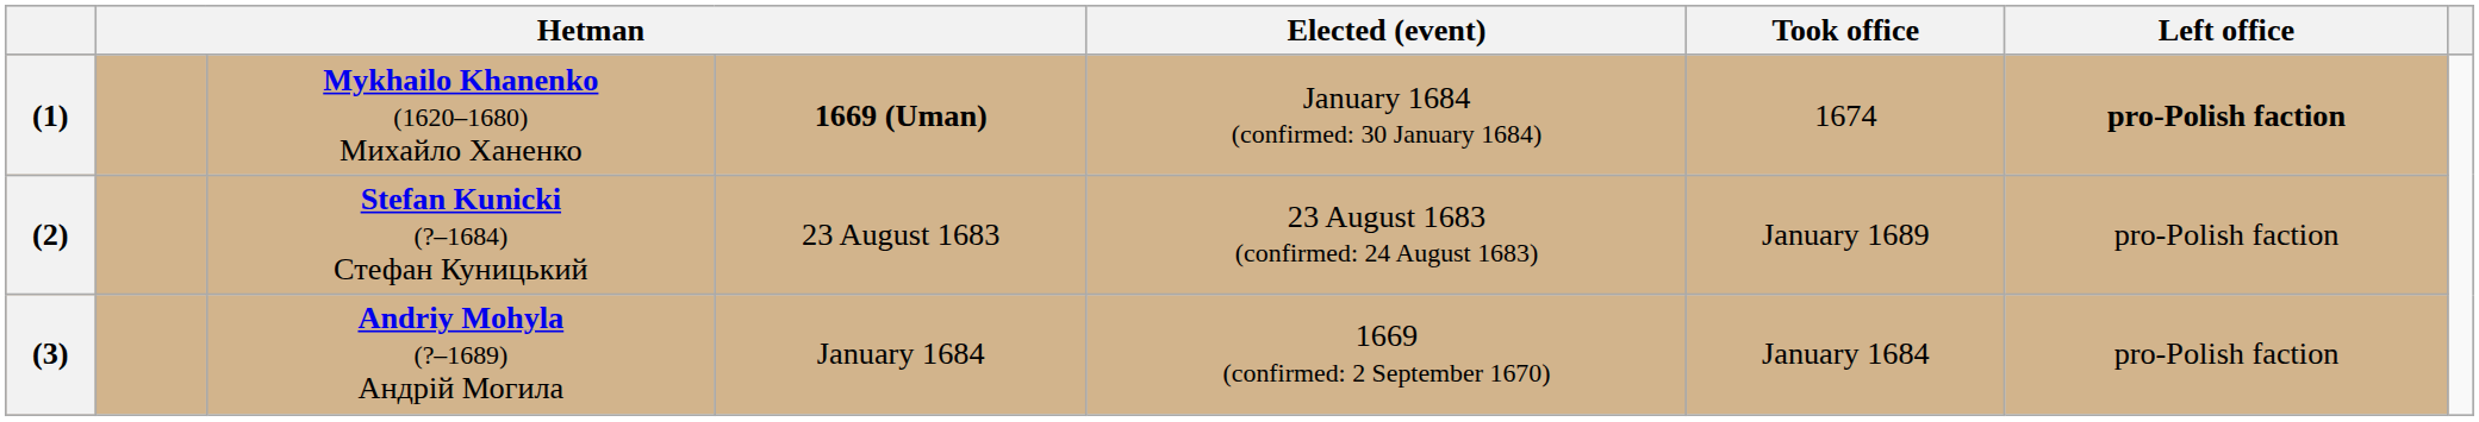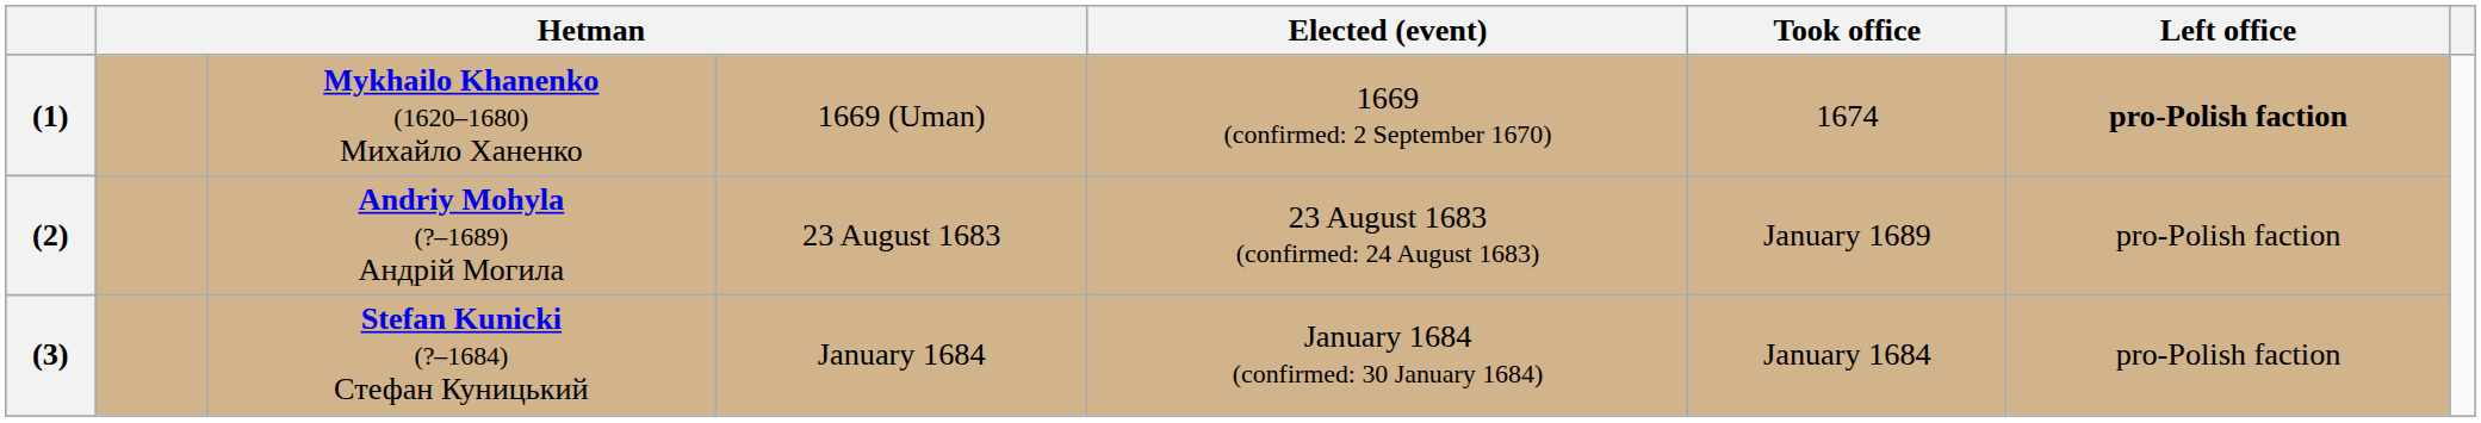 <table class="wikitable" width="100%" style="text-align:center;">
 <tr>
 <th></th>
 <th colspan=3>Hetman</th>
 <th>Elected (event)</th>
 <th>Took office</th>
 <th>Left office</th>
 <th></th>
 </tr>
 <tr bgcolor=tan>
 <th style="background:">(1)</th>
 <td width="50px"></td>
 <td><strong><a href='#'>Mykhailo Khanenko</a></strong><br><small>(1620–1680)</small><br>Михайло Ханенко</td>
-<td><strong>1669 (Uman)</strong></td>
-<td>January 1684<br><small>(confirmed: 30 January 1684)</small></td>
+<td>1669 (Uman)</td>
+<td>1669<br><small>(confirmed: 2 September 1670)</small></td>
 <td>1674</td>
 <td><strong>pro-Polish faction</strong></td>
 </tr>
 <tr bgcolor=tan>
 <th style="background:">(2)</th>
 <td width="50px"></td>
-<td><strong><a href='#'>Stefan Kunicki</a></strong><br><small>(?–1684)</small><br>Стефан Куницький</td>
+<td><strong><a href='#'>Andriy Mohyla</a></strong><br><small>(?–1689)</small><br>Андрій Могила</td>
 <td>23 August 1683</td>
 <td>23 August 1683<br><small>(confirmed: 24 August 1683)</small></td>
 <td>January 1689</td>
 <td>pro-Polish faction</td>
 </tr>
 <tr bgcolor=tan>
 <th style="background:">(3)</th>
 <td width="50px"></td>
-<td><strong><a href='#'>Andriy Mohyla</a></strong><br><small>(?–1689)</small><br>Андрій Могила</td>
+<td><strong><a href='#'>Stefan Kunicki</a></strong><br><small>(?–1684)</small><br>Стефан Куницький</td>
 <td>January 1684</td>
-<td>1669<br><small>(confirmed: 2 September 1670)</small></td>
+<td>January 1684<br><small>(confirmed: 30 January 1684)</small></td>
 <td>January 1684</td>
 <td>pro-Polish faction</td>
 </tr>
 </table>
